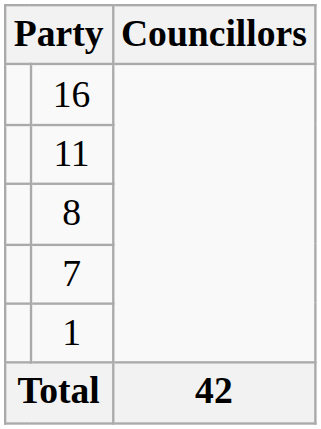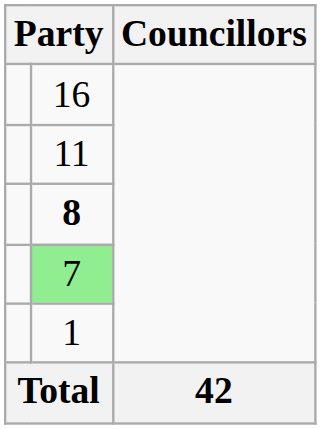 <table class="wikitable">
 <tr>
 <th colspan=2>Party</th>
 <th>Councillors</th>
 </tr>
 <tr>
 <td></td>
 <td align=center>16</td>
 </tr>
 <tr>
 <td></td>
 <td align=center>11</td>
 </tr>
 <tr>
 <td></td>
-<td align=center>8</td>
+<td align=center><strong>8</strong></td>
 </tr>
 <tr>
 <td></td>
-<td align=center>7</td>
+<td align=center style="background: lightgreen;">7</td>
 </tr>
 <tr>
 <td></td>
 <td align=center>1</td>
 </tr>
 <tr>
 <th colspan=2>Total</th>
 <th align=center>42</th>
 </tr>
 </table>
